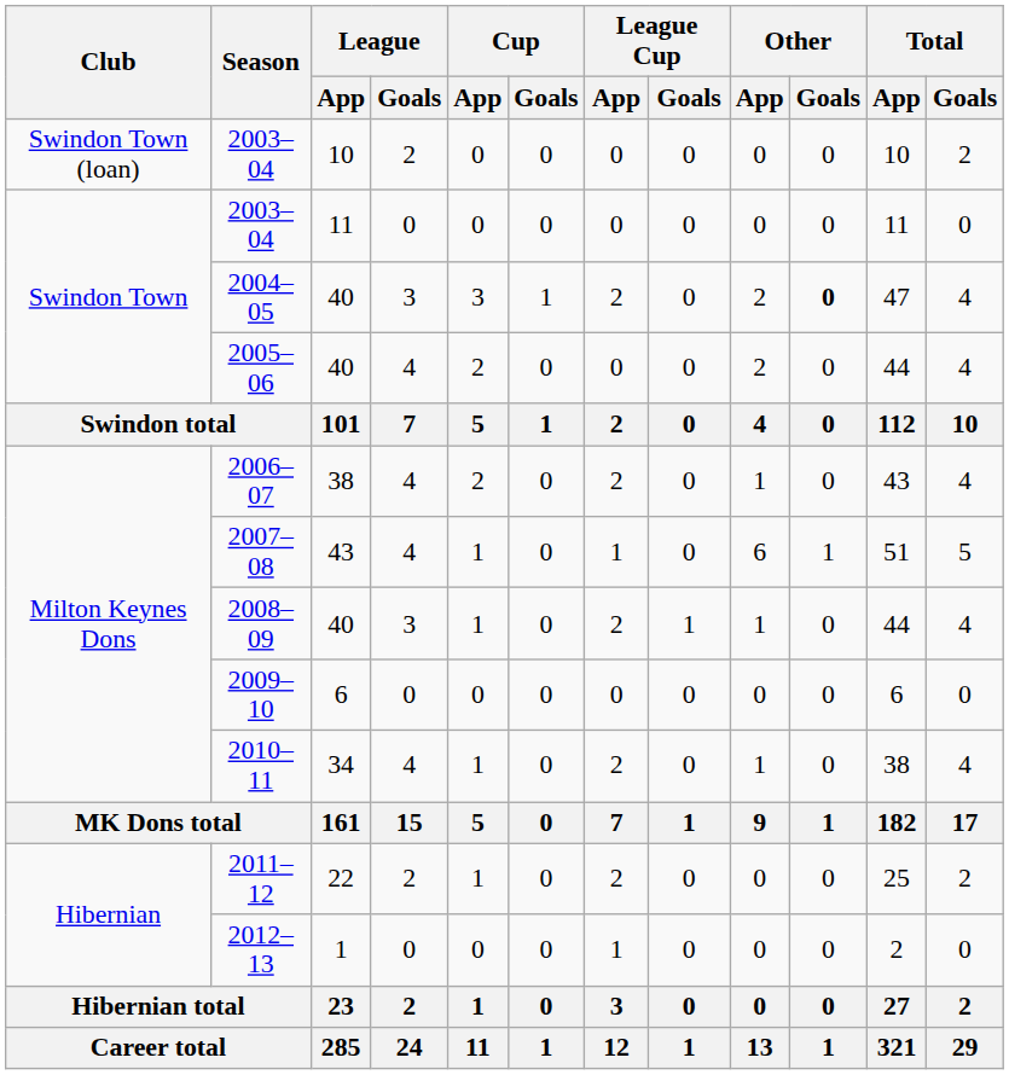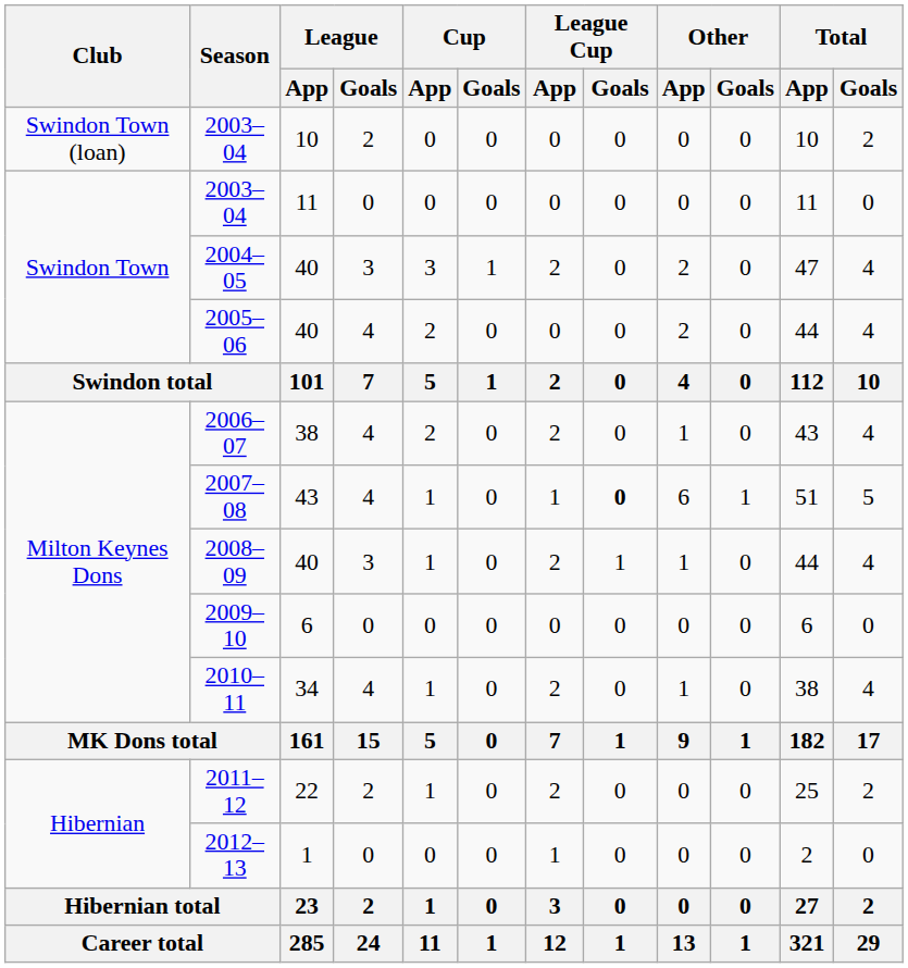 <table class="wikitable" style="text-align:center;">
 <tr>
 <th rowspan="2">Club</th>
 <th rowspan="2">Season</th>
 <th colspan="2">League</th>
 <th colspan="2">Cup</th>
 <th colspan="2">League Cup</th>
 <th colspan="2">Other</th>
 <th colspan="2">Total</th>
 </tr>
 <tr>
 <th>App</th>
 <th>Goals</th>
 <th>App</th>
 <th>Goals</th>
 <th>App</th>
 <th>Goals</th>
 <th>App</th>
 <th>Goals</th>
 <th>App</th>
 <th>Goals</th>
 </tr>
 <tr>
 <td><a href='#'>Swindon Town</a> (loan)</td>
 <td><a href='#'>2003–04</a></td>
 <td>10</td>
 <td>2</td>
 <td>0</td>
 <td>0</td>
 <td>0</td>
 <td>0</td>
 <td>0</td>
 <td>0</td>
 <td>10</td>
 <td>2</td>
 </tr>
 <tr>
 <td rowspan="3"><a href='#'>Swindon Town</a></td>
 <td><a href='#'>2003–04</a></td>
 <td>11</td>
 <td>0</td>
 <td>0</td>
 <td>0</td>
 <td>0</td>
 <td>0</td>
 <td>0</td>
 <td>0</td>
 <td>11</td>
 <td>0</td>
 </tr>
 <tr>
 <td><a href='#'>2004–05</a></td>
 <td>40</td>
 <td>3</td>
 <td>3</td>
 <td>1</td>
 <td>2</td>
 <td>0</td>
 <td>2</td>
-<td><strong>0</strong></td>
+<td>0</td>
 <td>47</td>
 <td>4</td>
 </tr>
 <tr>
 <td><a href='#'>2005–06</a></td>
 <td>40</td>
 <td>4</td>
 <td>2</td>
 <td>0</td>
 <td>0</td>
 <td>0</td>
 <td>2</td>
 <td>0</td>
 <td>44</td>
 <td>4</td>
 </tr>
 <tr>
 <th colspan="2">Swindon total</th>
 <th>101</th>
 <th>7</th>
 <th>5</th>
 <th>1</th>
 <th>2</th>
 <th>0</th>
 <th>4</th>
 <th>0</th>
 <th>112</th>
 <th>10</th>
 </tr>
 <tr>
 <td rowspan="5"><a href='#'>Milton Keynes Dons</a></td>
 <td><a href='#'>2006–07</a></td>
 <td>38</td>
 <td>4</td>
 <td>2</td>
 <td>0</td>
 <td>2</td>
 <td>0</td>
 <td>1</td>
 <td>0</td>
 <td>43</td>
 <td>4</td>
 </tr>
 <tr>
 <td><a href='#'>2007–08</a></td>
 <td>43</td>
 <td>4</td>
 <td>1</td>
 <td>0</td>
 <td>1</td>
-<td>0</td>
+<td><strong>0</strong></td>
 <td>6</td>
 <td>1</td>
 <td>51</td>
 <td>5</td>
 </tr>
 <tr>
 <td><a href='#'>2008–09</a></td>
 <td>40</td>
 <td>3</td>
 <td>1</td>
 <td>0</td>
 <td>2</td>
 <td>1</td>
 <td>1</td>
 <td>0</td>
 <td>44</td>
 <td>4</td>
 </tr>
 <tr>
 <td><a href='#'>2009–10</a></td>
 <td>6</td>
 <td>0</td>
 <td>0</td>
 <td>0</td>
 <td>0</td>
 <td>0</td>
 <td>0</td>
 <td>0</td>
 <td>6</td>
 <td>0</td>
 </tr>
 <tr>
 <td><a href='#'>2010–11</a></td>
 <td>34</td>
 <td>4</td>
 <td>1</td>
 <td>0</td>
 <td>2</td>
 <td>0</td>
 <td>1</td>
 <td>0</td>
 <td>38</td>
 <td>4</td>
 </tr>
 <tr>
 <th colspan="2">MK Dons total</th>
 <th>161</th>
 <th>15</th>
 <th>5</th>
 <th>0</th>
 <th>7</th>
 <th>1</th>
 <th>9</th>
 <th>1</th>
 <th>182</th>
 <th>17</th>
 </tr>
 <tr>
 <td rowspan="2"><a href='#'>Hibernian</a></td>
 <td><a href='#'>2011–12</a></td>
 <td>22</td>
 <td>2</td>
 <td>1</td>
 <td>0</td>
 <td>2</td>
 <td>0</td>
 <td>0</td>
 <td>0</td>
 <td>25</td>
 <td>2</td>
 </tr>
 <tr>
 <td><a href='#'>2012–13</a></td>
 <td>1</td>
 <td>0</td>
 <td>0</td>
 <td>0</td>
 <td>1</td>
 <td>0</td>
 <td>0</td>
 <td>0</td>
 <td>2</td>
 <td>0</td>
 </tr>
 <tr>
 <th colspan="2">Hibernian total</th>
 <th>23</th>
 <th>2</th>
 <th>1</th>
 <th>0</th>
 <th>3</th>
 <th>0</th>
 <th>0</th>
 <th>0</th>
 <th>27</th>
 <th>2</th>
 </tr>
 <tr>
 <th colspan="2">Career total</th>
 <th>285</th>
 <th>24</th>
 <th>11</th>
 <th>1</th>
 <th>12</th>
 <th>1</th>
 <th>13</th>
 <th>1</th>
 <th>321</th>
 <th>29</th>
 </tr>
 </table>
